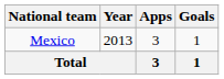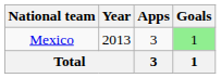 <table class="wikitable" style="text-align: center;">
 <tr>
 <th>National team</th>
 <th>Year</th>
 <th>Apps</th>
 <th>Goals</th>
 </tr>
 <tr>
 <td rowspan="1" valign="center"><a href='#'>Mexico</a></td>
 <td>2013</td>
 <td>3</td>
-<td>1</td>
+<td style="background: lightgreen;">1</td>
 </tr>
 <tr>
 <th colspan="2">Total</th>
 <th>3</th>
 <th>1</th>
 </tr>
 </table>
